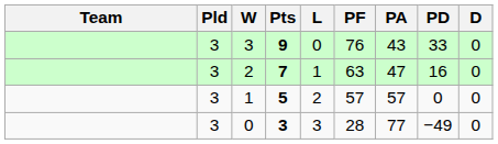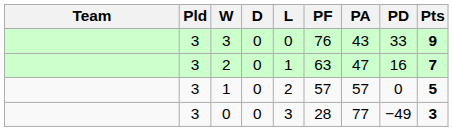 <table class="wikitable" style="text-align:center;">
 <tr>
 <th width=175>Team</th>
 <th width=25 abbr="Played">Pld</th>
 <th width=25 abbr="Won">W</th>
-<th width=25 abbr="Points">Pts</th>
+<th width=25 abbr="Drawn">D</th>
 <th width=25 abbr="Lost">L</th>
 <th width=32 abbr="Points for">PF</th>
 <th width=32 abbr="Points against">PA</th>
 <th width=32 abbr="Points difference">PD</th>
-<th width=25 abbr="Drawn">D</th>
+<th width=25 abbr="Points">Pts</th>
 </tr>
 <tr style="background:#cfc;">
 <td align=left></td>
 <td>3</td>
 <td>3</td>
-<td><strong>9</strong></td>
+<td>0</td>
 <td>0</td>
 <td>76</td>
 <td>43</td>
 <td>33</td>
-<td>0</td>
+<td><strong>9</strong></td>
 </tr>
 <tr style="background:#cfc;">
 <td align=left></td>
 <td>3</td>
 <td>2</td>
-<td><strong>7</strong></td>
+<td>0</td>
 <td>1</td>
 <td>63</td>
 <td>47</td>
 <td>16</td>
-<td>0</td>
+<td><strong>7</strong></td>
 </tr>
 <tr>
 <td align=left></td>
 <td>3</td>
 <td>1</td>
-<td><strong>5</strong></td>
+<td>0</td>
 <td>2</td>
 <td>57</td>
 <td>57</td>
 <td>0</td>
-<td>0</td>
+<td><strong>5</strong></td>
 </tr>
 <tr>
 <td align=left></td>
 <td>3</td>
 <td>0</td>
-<td><strong>3</strong></td>
+<td>0</td>
 <td>3</td>
 <td>28</td>
 <td>77</td>
 <td>−49</td>
-<td>0</td>
+<td><strong>3</strong></td>
 </tr>
 </table>
